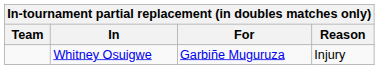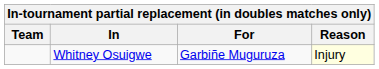 <table class="wikitable">
 <tr>
 <th colspan=4>In-tournament partial replacement (in doubles matches only)</th>
 </tr>
 <tr>
 <th>Team</th>
 <th>In</th>
 <th>For</th>
 <th>Reason</th>
 </tr>
 <tr>
 <td></td>
 <td> <a href='#'>Whitney Osuigwe</a></td>
 <td><a href='#'>Garbiñe Muguruza</a></td>
-<td>Injury</td>
+<td style="background: lightyellow;">Injury</td>
 </tr>
 </table>
